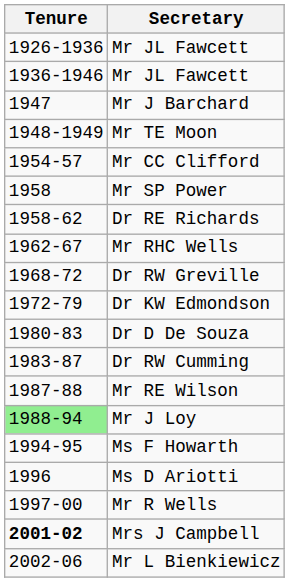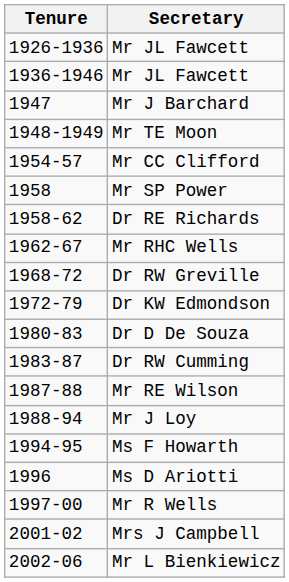 <table class="wikitable">
 <tr>
 <th>Tenure</th>
 <th>Secretary</th>
 </tr>
 <tr>
 <td>1926-1936</td>
 <td>Mr JL Fawcett</td>
 </tr>
 <tr>
 <td>1936-1946</td>
 <td>Mr JL Fawcett</td>
 </tr>
 <tr>
 <td>1947</td>
 <td>Mr J Barchard</td>
 </tr>
 <tr>
 <td>1948-1949</td>
 <td>Mr TE Moon</td>
 </tr>
 <tr>
 <td>1954-57</td>
 <td>Mr CC Clifford</td>
 </tr>
 <tr>
 <td>1958</td>
 <td>Mr SP Power</td>
 </tr>
 <tr>
 <td>1958-62</td>
 <td>Dr RE Richards</td>
 </tr>
 <tr>
 <td>1962-67</td>
 <td>Mr RHC Wells</td>
 </tr>
 <tr>
 <td>1968-72</td>
 <td>Dr RW Greville</td>
 </tr>
 <tr>
 <td>1972-79</td>
 <td>Dr KW Edmondson</td>
 </tr>
 <tr>
 <td>1980-83</td>
 <td>Dr D De Souza</td>
 </tr>
 <tr>
 <td>1983-87</td>
 <td>Dr RW Cumming</td>
 </tr>
 <tr>
 <td>1987-88</td>
 <td>Mr RE Wilson</td>
 </tr>
 <tr>
-<td style="background: lightgreen;">1988-94</td>
+<td>1988-94</td>
 <td>Mr J Loy</td>
 </tr>
 <tr>
 <td>1994-95</td>
 <td>Ms F Howarth</td>
 </tr>
 <tr>
 <td>1996</td>
 <td>Ms D Ariotti</td>
 </tr>
 <tr>
 <td>1997-00</td>
 <td>Mr R Wells</td>
 </tr>
 <tr>
-<td><strong>2001-02</strong></td>
+<td>2001-02</td>
 <td>Mrs J Campbell</td>
 </tr>
 <tr>
 <td>2002-06</td>
 <td>Mr L Bienkiewicz</td>
 </tr>
 </table>
